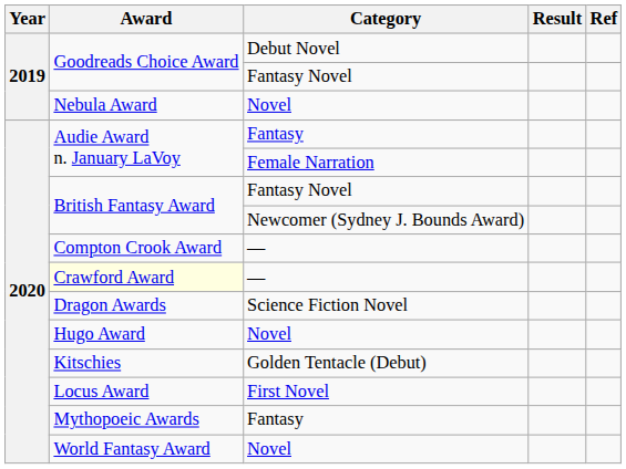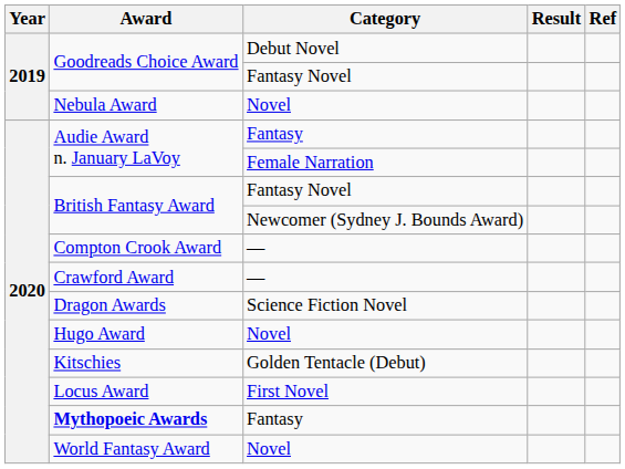 <table class="wikitable sortable">
 <tr>
 <th>Year</th>
 <th>Award</th>
 <th>Category</th>
 <th>Result</th>
 <th>Ref</th>
 </tr>
 <tr>
 <th rowspan="3">2019</th>
 <td rowspan="2"><a href='#'>Goodreads Choice Award</a></td>
 <td>Debut Novel</td>
 <td></td>
 <td></td>
 </tr>
 <tr>
 <td>Fantasy Novel</td>
 <td></td>
 <td></td>
 </tr>
 <tr>
 <td><a href='#'>Nebula Award</a></td>
 <td><a href='#'>Novel</a></td>
 <td></td>
 <td></td>
 </tr>
 <tr>
 <th rowspan="12">2020</th>
 <td rowspan="2"><a href='#'>Audie Award</a> <br>n. <a href='#'>January LaVoy</a></td>
 <td><a href='#'>Fantasy</a></td>
 <td></td>
 <td></td>
 </tr>
 <tr>
 <td><a href='#'>Female Narration</a></td>
 <td></td>
 <td></td>
 </tr>
 <tr>
 <td rowspan="2"><a href='#'>British Fantasy Award</a></td>
 <td>Fantasy Novel</td>
 <td></td>
 <td></td>
 </tr>
 <tr>
 <td>Newcomer (Sydney J. Bounds Award)</td>
 <td></td>
 <td></td>
 </tr>
 <tr>
 <td><a href='#'>Compton Crook Award</a></td>
 <td>—</td>
 <td></td>
 <td></td>
 </tr>
 <tr>
-<td style="background: lightyellow;"><a href='#'>Crawford Award</a></td>
+<td><a href='#'>Crawford Award</a></td>
 <td>—</td>
 <td></td>
 <td></td>
 </tr>
 <tr>
 <td><a href='#'>Dragon Awards</a></td>
 <td>Science Fiction Novel</td>
 <td></td>
 <td></td>
 </tr>
 <tr>
 <td><a href='#'>Hugo Award</a></td>
 <td><a href='#'>Novel</a></td>
 <td></td>
 <td></td>
 </tr>
 <tr>
 <td><a href='#'>Kitschies</a></td>
 <td>Golden Tentacle (Debut)</td>
 <td></td>
 <td></td>
 </tr>
 <tr>
 <td><a href='#'>Locus Award</a></td>
 <td><a href='#'>First Novel</a></td>
 <td></td>
 <td></td>
 </tr>
 <tr>
-<td><a href='#'>Mythopoeic Awards</a></td>
+<td><strong><a href='#'>Mythopoeic Awards</a></strong></td>
 <td>Fantasy</td>
 <td></td>
 <td></td>
 </tr>
 <tr>
 <td><a href='#'>World Fantasy Award</a></td>
 <td><a href='#'>Novel</a></td>
 <td></td>
 <td></td>
 </tr>
 </table>
